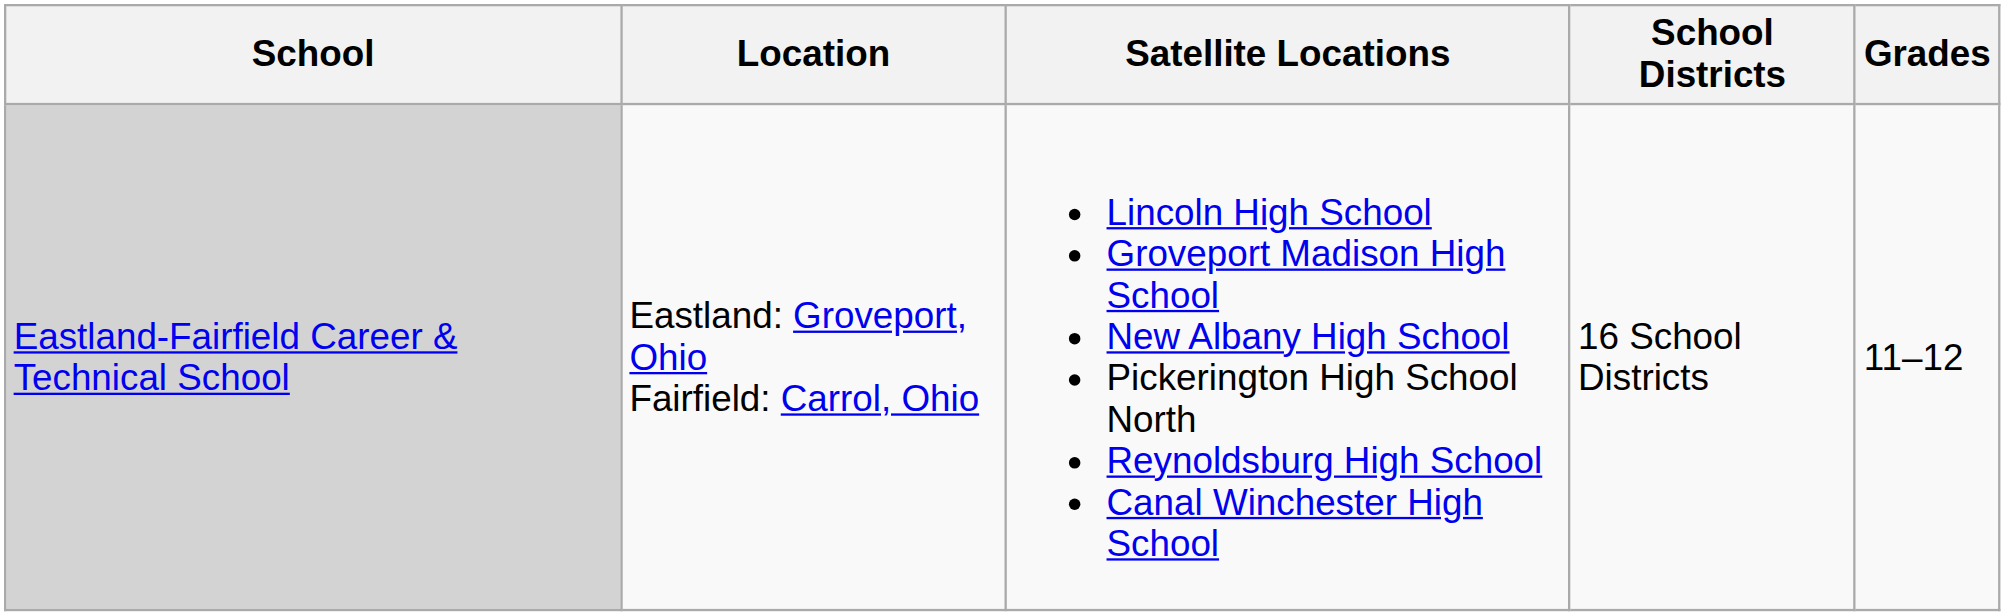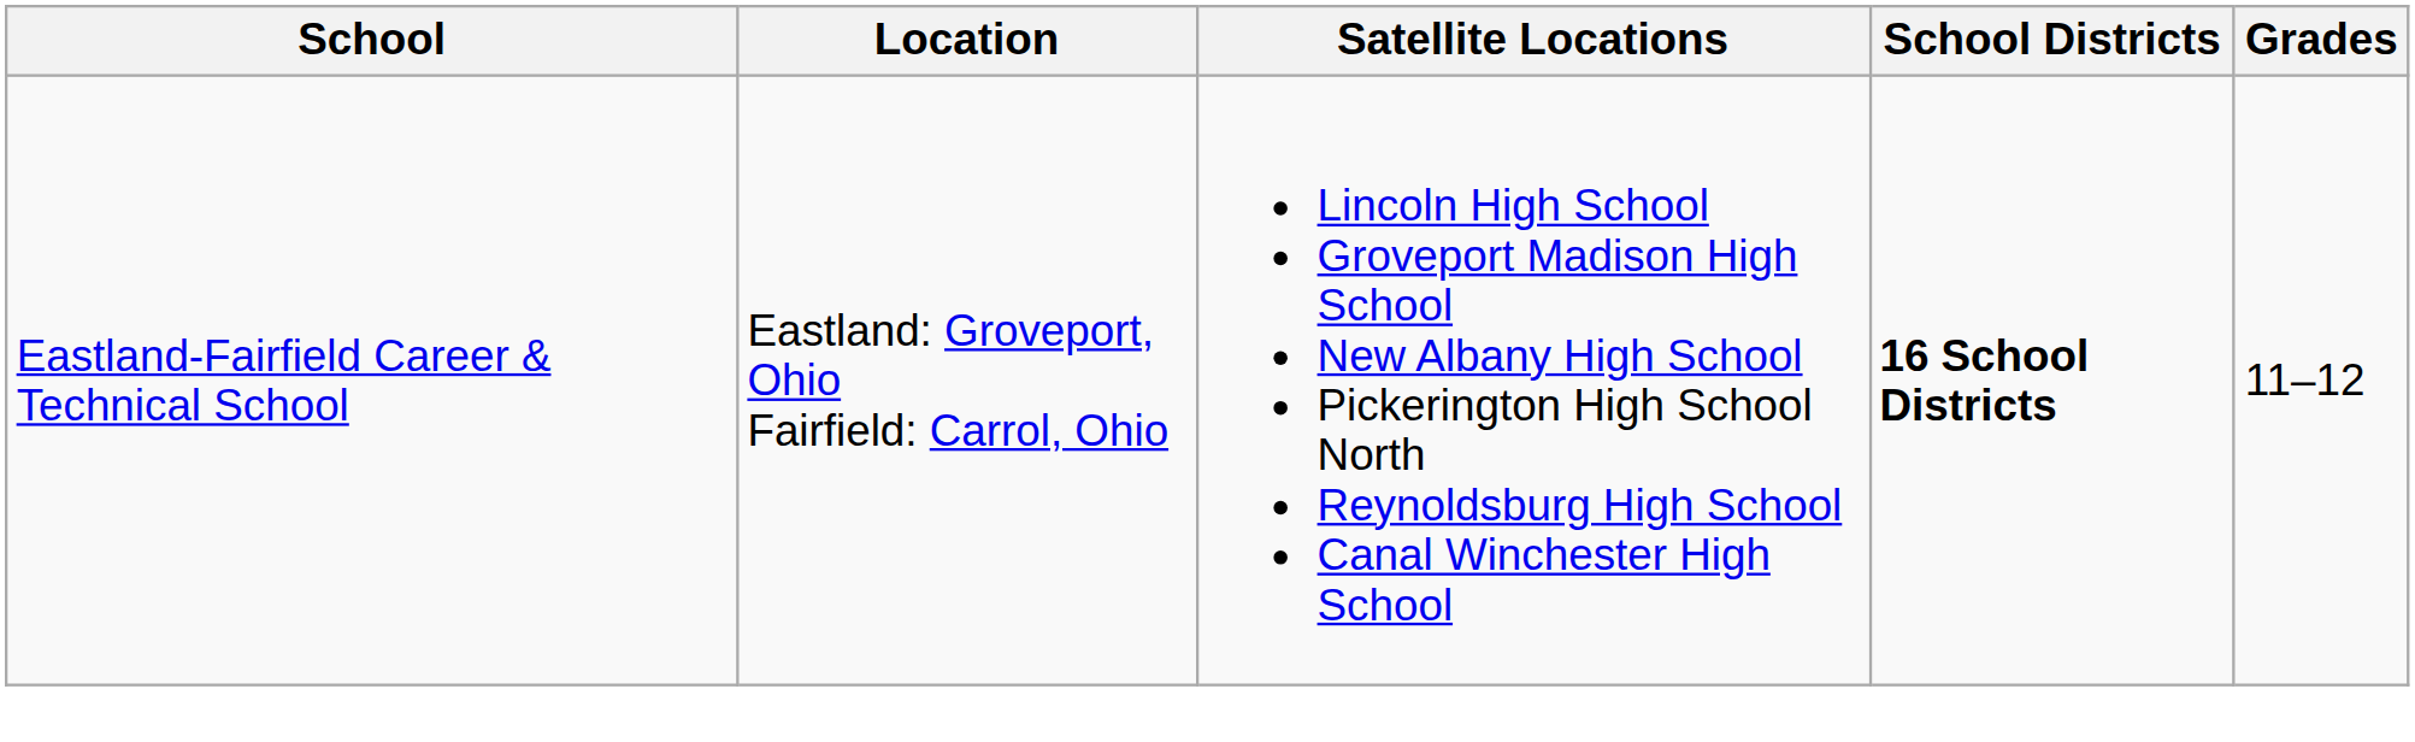 <table class="wikitable">
 <tr>
 <th>School</th>
 <th>Location</th>
 <th>Satellite Locations</th>
 <th>School Districts</th>
 <th>Grades</th>
 </tr>
 <tr>
-<td style="background: lightgrey;"><a href='#'>Eastland-Fairfield Career & Technical School</a></td>
+<td><a href='#'>Eastland-Fairfield Career & Technical School</a></td>
 <td>Eastland: <a href='#'>Groveport, Ohio</a><br>Fairfield: <a href='#'>Carrol, Ohio</a></td>
 <td><br><ul><li><a href='#'>Lincoln High School</a></li><li><a href='#'>Groveport Madison High School</a></li><li><a href='#'>New Albany High School</a></li><li>Pickerington High School North</li><li><a href='#'>Reynoldsburg High School</a></li><li><a href='#'>Canal Winchester High School</a></li></ul></td>
-<td>16 School Districts</td>
+<td><strong>16 School Districts</strong></td>
 <td>11–12</td>
 </tr>
 </table>
